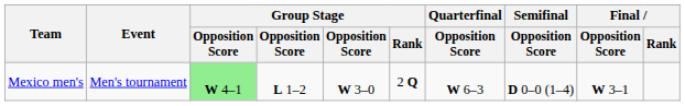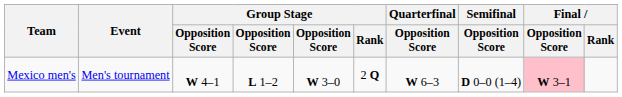 <table class="wikitable" style="font-size:90%">
 <tr>
 <th rowspan=2>Team</th>
 <th rowspan=2>Event</th>
 <th colspan=4>Group Stage</th>
 <th>Quarterfinal</th>
 <th>Semifinal</th>
 <th colspan=2>Final / </th>
 </tr>
 <tr style="font-size:95%">
 <th>Opposition<br>Score</th>
 <th>Opposition<br>Score</th>
 <th>Opposition<br>Score</th>
 <th>Rank</th>
 <th>Opposition<br>Score</th>
 <th>Opposition<br>Score</th>
 <th>Opposition<br>Score</th>
 <th>Rank</th>
 </tr>
 <tr align=center>
 <td align=left><a href='#'>Mexico men's</a></td>
 <td align=left><a href='#'>Men's tournament</a></td>
-<td style="background: lightgreen;"><br><strong>W</strong> 4–1</td>
+<td><br><strong>W</strong> 4–1</td>
 <td><br><strong>L</strong> 1–2</td>
 <td><br><strong>W</strong> 3–0</td>
 <td>2 <strong>Q</strong></td>
 <td><br><strong>W</strong> 6–3</td>
 <td><br><strong>D</strong> 0–0 (1–4)</td>
-<td><br><strong>W</strong> 3–1</td>
+<td style="background: pink;"><br><strong>W</strong> 3–1</td>
 <td></td>
 </tr>
 </table>
